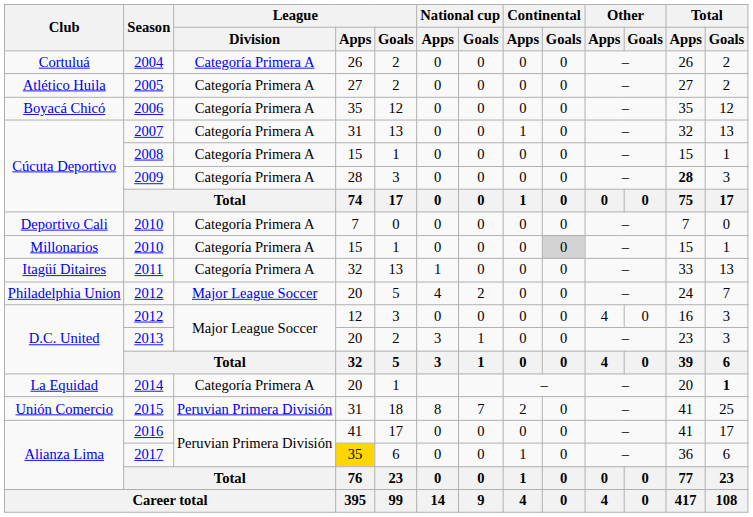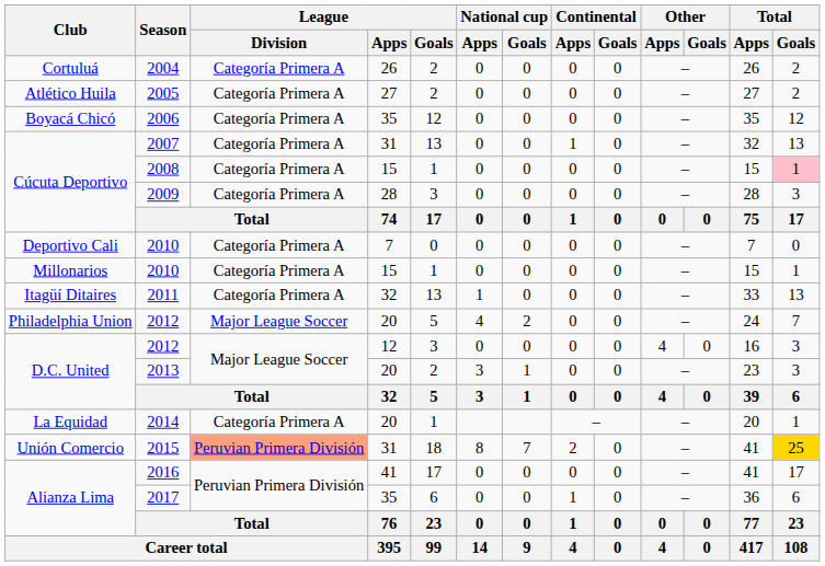 <table class="wikitable" style="text-align:center">
 <tr>
 <th rowspan="2">Club</th>
 <th rowspan="2">Season</th>
 <th colspan="3">League</th>
 <th colspan="2">National cup</th>
 <th colspan="2">Continental</th>
 <th colspan="2">Other</th>
 <th colspan="2">Total</th>
 </tr>
 <tr>
 <th>Division</th>
 <th>Apps</th>
 <th>Goals</th>
 <th>Apps</th>
 <th>Goals</th>
 <th>Apps</th>
 <th>Goals</th>
 <th>Apps</th>
 <th>Goals</th>
 <th>Apps</th>
 <th>Goals</th>
 </tr>
 <tr>
 <td><a href='#'>Cortuluá</a></td>
 <td><a href='#'>2004</a></td>
 <td><a href='#'>Categoría Primera A</a></td>
 <td>26</td>
 <td>2</td>
 <td>0</td>
 <td>0</td>
 <td>0</td>
 <td>0</td>
 <td colspan="2">–</td>
 <td>26</td>
 <td>2</td>
 </tr>
 <tr>
 <td><a href='#'>Atlético Huila</a></td>
 <td><a href='#'>2005</a></td>
 <td>Categoría Primera A</td>
 <td>27</td>
 <td>2</td>
 <td>0</td>
 <td>0</td>
 <td>0</td>
 <td>0</td>
 <td colspan="2">–</td>
 <td>27</td>
 <td>2</td>
 </tr>
 <tr>
 <td><a href='#'>Boyacá Chicó</a></td>
 <td><a href='#'>2006</a></td>
 <td>Categoría Primera A</td>
 <td>35</td>
 <td>12</td>
 <td>0</td>
 <td>0</td>
 <td>0</td>
 <td>0</td>
 <td colspan="2">–</td>
 <td>35</td>
 <td>12</td>
 </tr>
 <tr>
 <td rowspan="4"><a href='#'>Cúcuta Deportivo</a></td>
 <td><a href='#'>2007</a></td>
 <td>Categoría Primera A</td>
 <td>31</td>
 <td>13</td>
 <td>0</td>
 <td>0</td>
 <td>1</td>
 <td>0</td>
 <td colspan="2">–</td>
 <td>32</td>
 <td>13</td>
 </tr>
 <tr>
 <td><a href='#'>2008</a></td>
 <td>Categoría Primera A</td>
 <td>15</td>
 <td>1</td>
 <td>0</td>
 <td>0</td>
 <td>0</td>
 <td>0</td>
 <td colspan="2">–</td>
 <td>15</td>
-<td>1</td>
+<td style="background: pink;">1</td>
 </tr>
 <tr>
 <td><a href='#'>2009</a></td>
 <td>Categoría Primera A</td>
 <td>28</td>
 <td>3</td>
 <td>0</td>
 <td>0</td>
 <td>0</td>
 <td>0</td>
 <td colspan="2">–</td>
-<td><strong>28</strong></td>
+<td>28</td>
 <td>3</td>
 </tr>
 <tr>
 <th colspan="2">Total</th>
 <th>74</th>
 <th>17</th>
 <th>0</th>
 <th>0</th>
 <th>1</th>
 <th>0</th>
 <th>0</th>
 <th>0</th>
 <th>75</th>
 <th>17</th>
 </tr>
 <tr>
 <td><a href='#'>Deportivo Cali</a></td>
 <td><a href='#'>2010</a></td>
 <td>Categoría Primera A</td>
 <td>7</td>
 <td>0</td>
 <td>0</td>
 <td>0</td>
 <td>0</td>
 <td>0</td>
 <td colspan="2">–</td>
 <td>7</td>
 <td>0</td>
 </tr>
 <tr>
 <td><a href='#'>Millonarios</a></td>
 <td><a href='#'>2010</a></td>
 <td>Categoría Primera A</td>
 <td>15</td>
 <td>1</td>
 <td>0</td>
 <td>0</td>
 <td>0</td>
-<td style="background: lightgrey;">0</td>
+<td>0</td>
 <td colspan="2">–</td>
 <td>15</td>
 <td>1</td>
 </tr>
 <tr>
 <td><a href='#'>Itagüí Ditaires</a></td>
 <td><a href='#'>2011</a></td>
 <td>Categoría Primera A</td>
 <td>32</td>
 <td>13</td>
 <td>1</td>
 <td>0</td>
 <td>0</td>
 <td>0</td>
 <td colspan="2">–</td>
 <td>33</td>
 <td>13</td>
 </tr>
 <tr>
 <td><a href='#'>Philadelphia Union</a></td>
 <td><a href='#'>2012</a></td>
 <td><a href='#'>Major League Soccer</a></td>
 <td>20</td>
 <td>5</td>
 <td>4</td>
 <td>2</td>
 <td>0</td>
 <td>0</td>
 <td colspan="2">–</td>
 <td>24</td>
 <td>7</td>
 </tr>
 <tr>
 <td rowspan="3"><a href='#'>D.C. United</a></td>
 <td><a href='#'>2012</a></td>
 <td rowspan="2">Major League Soccer</td>
 <td>12</td>
 <td>3</td>
 <td>0</td>
 <td>0</td>
 <td>0</td>
 <td>0</td>
 <td>4</td>
 <td>0</td>
 <td>16</td>
 <td>3</td>
 </tr>
 <tr>
 <td><a href='#'>2013</a></td>
 <td>20</td>
 <td>2</td>
 <td>3</td>
 <td>1</td>
 <td>0</td>
 <td>0</td>
 <td colspan="2">–</td>
 <td>23</td>
 <td>3</td>
 </tr>
 <tr>
 <th colspan="2">Total</th>
 <th>32</th>
 <th>5</th>
 <th>3</th>
 <th>1</th>
 <th>0</th>
 <th>0</th>
 <th>4</th>
 <th>0</th>
 <th>39</th>
 <th>6</th>
 </tr>
 <tr>
 <td><a href='#'>La Equidad</a></td>
 <td><a href='#'>2014</a></td>
 <td>Categoría Primera A</td>
 <td>20</td>
 <td>1</td>
 <td></td>
 <td></td>
 <td colspan="2">–</td>
 <td colspan="2">–</td>
 <td>20</td>
-<td><strong>1</strong></td>
+<td>1</td>
 </tr>
 <tr>
 <td><a href='#'>Unión Comercio</a></td>
 <td><a href='#'>2015</a></td>
-<td><a href='#'>Peruvian Primera División</a></td>
+<td style="background: lightsalmon;"><a href='#'>Peruvian Primera División</a></td>
 <td>31</td>
 <td>18</td>
 <td>8</td>
 <td>7</td>
 <td>2</td>
 <td>0</td>
 <td colspan="2">–</td>
 <td>41</td>
-<td>25</td>
+<td style="background: gold;">25</td>
 </tr>
 <tr>
 <td rowspan="3"><a href='#'>Alianza Lima</a></td>
 <td><a href='#'>2016</a></td>
 <td rowspan="2">Peruvian Primera División</td>
 <td>41</td>
 <td>17</td>
 <td>0</td>
 <td>0</td>
 <td>0</td>
 <td>0</td>
 <td colspan="2">–</td>
 <td>41</td>
 <td>17</td>
 </tr>
 <tr>
 <td><a href='#'>2017</a></td>
-<td style="background: gold;">35</td>
+<td>35</td>
 <td>6</td>
 <td>0</td>
 <td>0</td>
 <td>1</td>
 <td>0</td>
 <td colspan="2">–</td>
 <td>36</td>
 <td>6</td>
 </tr>
 <tr>
 <th colspan="2">Total</th>
 <th>76</th>
 <th>23</th>
 <th>0</th>
 <th>0</th>
 <th>1</th>
 <th>0</th>
 <th>0</th>
 <th>0</th>
 <th>77</th>
 <th>23</th>
 </tr>
 <tr>
 <th colspan="3">Career total</th>
 <th>395</th>
 <th>99</th>
 <th>14</th>
 <th>9</th>
 <th>4</th>
 <th>0</th>
 <th>4</th>
 <th>0</th>
 <th>417</th>
 <th>108</th>
 </tr>
 </table>
